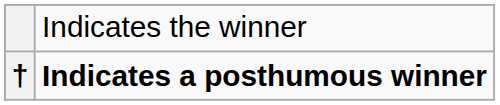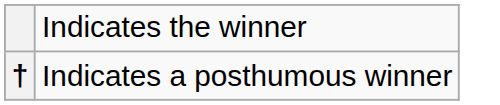 <table class="wikitable">
 <tr>
 <th scope="row" style="text-align:center;"></th>
 <td>Indicates the winner</td>
 </tr>
 <tr>
 <th scope="row" style="text-align:center">†</th>
-<td><strong>Indicates a posthumous winner</strong></td>
+<td>Indicates a posthumous winner</td>
 </tr>
 </table>
